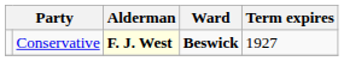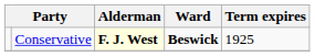 <table class="wikitable">
 <tr>
 <th colspan="2">Party</th>
 <th>Alderman</th>
 <th>Ward</th>
 <th>Term expires</th>
 </tr>
 <tr>
 <td style="background-color:"></td>
 <td><a href='#'>Conservative</a></td>
 <td style="background: lightyellow;"><strong>F. J. West</strong></td>
 <td><strong>Beswick</strong></td>
-<td>1927</td>
+<td>1925</td>
 </tr>
 <tr>
 </tr>
 </table>
